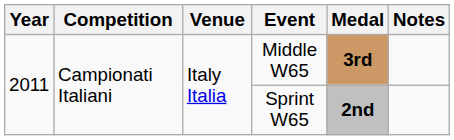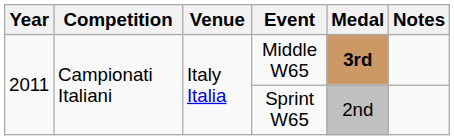 <table class="wikitable" width=55% style="font-size:90%; text-align:center;">
 <tr>
 <th>Year</th>
 <th>Competition</th>
 <th>Venue</th>
 <th>Event</th>
 <th>Medal</th>
 <th>Notes</th>
 </tr>
 <tr>
 <td align=center rowspan=2>2011</td>
 <td rowspan=2 align=left>Campionati Italiani</td>
 <td rowspan=2 align=left>Italy <a href='#'>Italia</a></td>
 <td>Middle W65</td>
 <td bgcolor=cc9966><strong>3rd</strong></td>
 <td align=center></td>
 </tr>
 <tr>
 <td>Sprint W65</td>
-<td bgcolor=silver><strong>2nd</strong></td>
+<td bgcolor=silver>2nd</td>
 </tr>
 </table>
